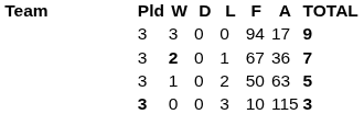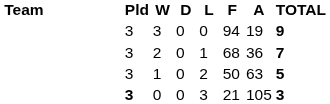 <table>
 <tr>
 <td><br></td>
 </tr>
 <tr border=1 cellpadding=5 cellspacing=0>
 <th width="200">Team</th>
 <th width="20">Pld</th>
 <th width="20">W</th>
 <th width="20">D</th>
 <th width="20">L</th>
 <th width="20">F</th>
 <th width="20">A</th>
 <th width="20">TOTAL</th>
 </tr>
 <tr>
 <td align=left></td>
 <td>3</td>
 <td>3</td>
 <td>0</td>
 <td>0</td>
 <td>94</td>
-<td>17</td>
+<td>19</td>
 <td><strong>9</strong></td>
 </tr>
 <tr>
 <td align=left></td>
 <td>3</td>
-<td><strong>2</strong></td>
+<td>2</td>
 <td>0</td>
 <td>1</td>
-<td>67</td>
+<td>68</td>
 <td>36</td>
 <td><strong>7</strong></td>
 </tr>
 <tr>
 <td align=left></td>
 <td>3</td>
 <td>1</td>
 <td>0</td>
 <td>2</td>
 <td>50</td>
 <td>63</td>
 <td><strong>5</strong></td>
 </tr>
 <tr>
 <td align=left></td>
 <td><strong>3</strong></td>
 <td>0</td>
 <td>0</td>
 <td>3</td>
-<td>10</td>
-<td>115</td>
+<td>21</td>
+<td>105</td>
 <td><strong>3</strong></td>
 </tr>
 </table>
